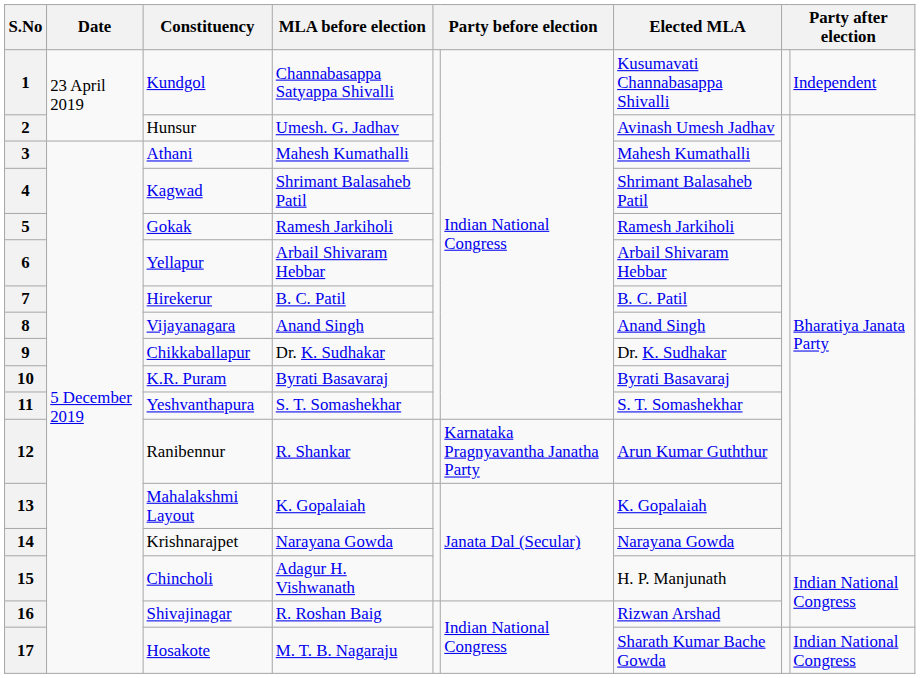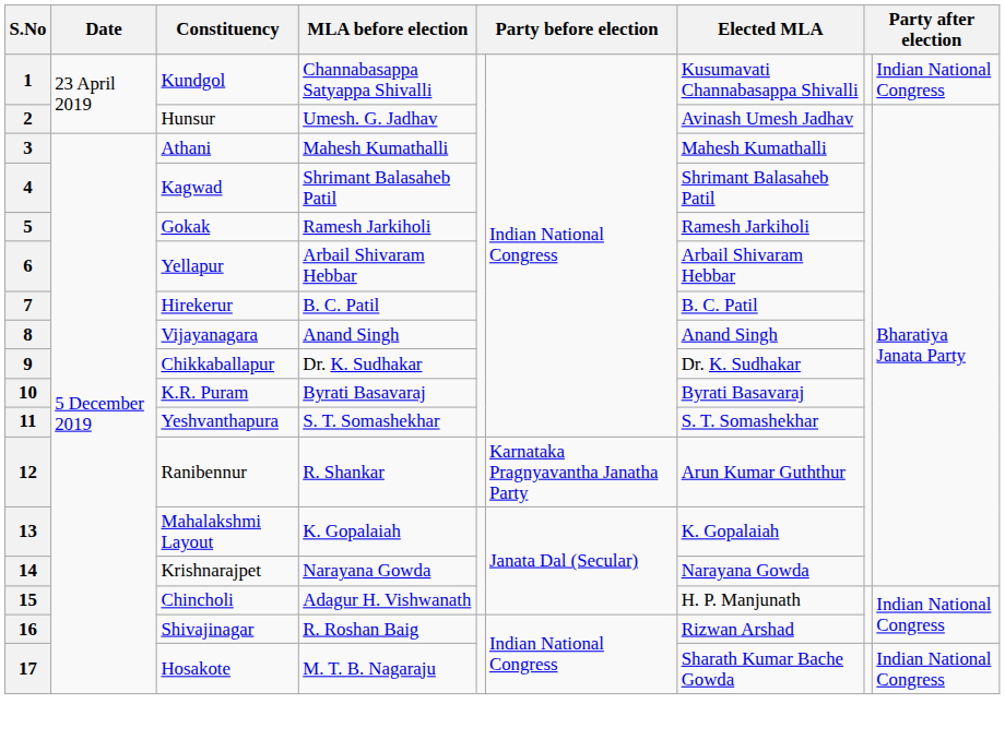 <table class="wikitable sortable">
 <tr>
 <th>S.No</th>
 <th>Date</th>
 <th>Constituency</th>
 <th>MLA before election</th>
 <th colspan="2">Party before election</th>
 <th>Elected MLA</th>
 <th colspan="2">Party after election</th>
 </tr>
 <tr>
 <th>1</th>
 <td rowspan="2">23 April 2019</td>
 <td><a href='#'>Kundgol</a></td>
 <td><a href='#'>Channabasappa Satyappa Shivalli</a></td>
 <td rowspan="11"></td>
 <td rowspan="11"><a href='#'>Indian National Congress</a></td>
 <td><a href='#'>Kusumavati Channabasappa Shivalli</a></td>
 <td></td>
-<td><a href='#'>Independent</a></td>
+<td><a href='#'>Indian National Congress</a></td>
 </tr>
 <tr>
 <th>2</th>
 <td>Hunsur</td>
 <td><a href='#'>Umesh. G. Jadhav</a></td>
 <td><a href='#'>Avinash Umesh Jadhav</a></td>
 <td rowspan="13"></td>
 <td rowspan="13"><a href='#'>Bharatiya Janata Party</a></td>
 </tr>
 <tr>
 <th>3</th>
 <td rowspan="15"><a href='#'>5 December 2019</a></td>
 <td><a href='#'>Athani</a></td>
 <td><a href='#'>Mahesh Kumathalli</a></td>
 <td><a href='#'>Mahesh Kumathalli</a></td>
 </tr>
 <tr>
 <th>4</th>
 <td><a href='#'>Kagwad</a></td>
 <td><a href='#'>Shrimant Balasaheb Patil</a></td>
 <td><a href='#'>Shrimant Balasaheb Patil</a></td>
 </tr>
 <tr>
 <th>5</th>
 <td><a href='#'>Gokak</a></td>
 <td><a href='#'>Ramesh Jarkiholi</a></td>
 <td><a href='#'>Ramesh Jarkiholi</a></td>
 </tr>
 <tr>
 <th>6</th>
 <td><a href='#'>Yellapur</a></td>
 <td><a href='#'>Arbail Shivaram Hebbar</a></td>
 <td><a href='#'>Arbail Shivaram Hebbar</a></td>
 </tr>
 <tr>
 <th>7</th>
 <td><a href='#'>Hirekerur</a></td>
 <td><a href='#'>B. C. Patil</a></td>
 <td><a href='#'>B. C. Patil</a></td>
 </tr>
 <tr>
 <th>8</th>
 <td><a href='#'>Vijayanagara</a></td>
 <td><a href='#'>Anand Singh</a></td>
 <td><a href='#'>Anand Singh</a></td>
 </tr>
 <tr>
 <th>9</th>
 <td><a href='#'>Chikkaballapur</a></td>
 <td>Dr. <a href='#'>K. Sudhakar</a></td>
 <td>Dr. <a href='#'>K. Sudhakar</a></td>
 </tr>
 <tr>
 <th>10</th>
 <td><a href='#'>K.R. Puram</a></td>
 <td><a href='#'>Byrati Basavaraj</a></td>
 <td><a href='#'>Byrati Basavaraj</a></td>
 </tr>
 <tr>
 <th>11</th>
 <td><a href='#'>Yeshvanthapura</a></td>
 <td><a href='#'>S. T. Somashekhar</a></td>
 <td><a href='#'>S. T. Somashekhar</a></td>
 </tr>
 <tr>
 <th>12</th>
 <td>Ranibennur</td>
 <td><a href='#'>R. Shankar</a></td>
 <td></td>
 <td><a href='#'>Karnataka Pragnyavantha Janatha Party</a></td>
 <td><a href='#'>Arun Kumar Guththur</a></td>
 </tr>
 <tr>
 <th>13</th>
 <td><a href='#'>Mahalakshmi Layout</a></td>
 <td><a href='#'>K. Gopalaiah</a></td>
 <td rowspan="3"></td>
 <td rowspan="3"><a href='#'>Janata Dal (Secular)</a></td>
 <td><a href='#'>K. Gopalaiah</a></td>
 </tr>
 <tr>
 <th>14</th>
 <td>Krishnarajpet</td>
 <td><a href='#'>Narayana Gowda</a></td>
 <td><a href='#'>Narayana Gowda</a></td>
 </tr>
 <tr>
 <th>15</th>
 <td><a href='#'>Chincholi</a></td>
 <td><a href='#'>Adagur H. Vishwanath</a></td>
 <td>H. P. Manjunath</td>
 <td rowspan="2"></td>
 <td rowspan="2"><a href='#'>Indian National Congress</a></td>
 </tr>
 <tr>
 <th>16</th>
 <td><a href='#'>Shivajinagar</a></td>
 <td><a href='#'>R. Roshan Baig</a></td>
 <td rowspan="2"></td>
 <td rowspan="2"><a href='#'>Indian National Congress</a></td>
 <td><a href='#'>Rizwan Arshad</a></td>
 </tr>
 <tr>
 <th>17</th>
 <td><a href='#'>Hosakote</a></td>
 <td><a href='#'>M. T. B. Nagaraju</a></td>
 <td><a href='#'>Sharath Kumar Bache Gowda</a></td>
 <td></td>
 <td><a href='#'>Indian National Congress</a></td>
 </tr>
 </table>
